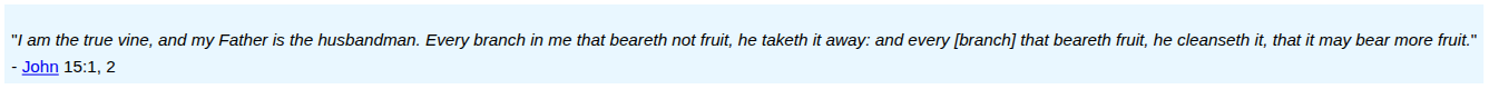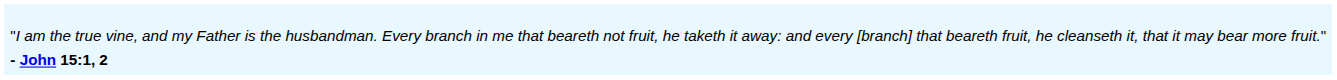 <table class="toccolours" style="font-size: 90%; background:#E9F7FF; color:black;" cellspacing="5">
 <tr>
 <td style="text-align: left;"><br>"<em>I am the true vine, and my Father is the husbandman. Every branch in me that beareth not fruit, he taketh it away: and every [branch] that beareth fruit, he cleanseth it, that it may bear more fruit.</em>"</td>
 </tr>
 <tr>
-<td style="text-align: left;">- <a href='#'>John</a> 15:1, 2</td>
+<td style="text-align: left;"><strong>- <a href='#'>John</a> 15:1, 2</strong></td>
 </tr>
 </table>
